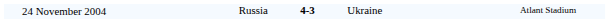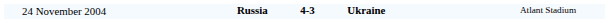 <table style="width: 100%; background:#F5FAFF;" cellspacing="0">
 <tr>
 <td align=center rowspan=3 width=20%>24 November 2004</td>
 </tr>
 <tr>
-<td width=24% align=right>Russia </td>
+<td width=24% align=right><strong>Russia </strong></td>
 <td align=center width=13%><strong>4-3</strong></td>
-<td width=24%> Ukraine</td>
+<td width=24%><strong> Ukraine</strong></td>
 <td style=font-size:85% rowspan=3 valign=top align=center>Atlant Stadium</td>
 </tr>
 <tr style=font-size:85%>
 <td align=right valign=top></td>
 <td></td>
 <td></td>
 </tr>
 </table>
